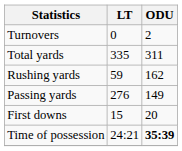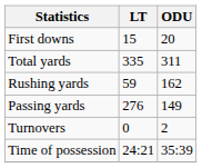 <table class="wikitable" style="float: left;">
 <tr>
 <th>Statistics</th>
 <th>LT</th>
 <th>ODU</th>
 </tr>
 <tr>
-<td>Turnovers</td>
-<td>0</td>
-<td>2</td>
+<td>First downs</td>
+<td>15</td>
+<td>20</td>
 </tr>
 <tr>
 <td>Total yards</td>
 <td>335</td>
 <td>311</td>
 </tr>
 <tr>
 <td>Rushing yards</td>
 <td>59</td>
 <td>162</td>
 </tr>
 <tr>
 <td>Passing yards</td>
 <td>276</td>
 <td>149</td>
 </tr>
 <tr>
-<td>First downs</td>
-<td>15</td>
-<td>20</td>
+<td>Turnovers</td>
+<td>0</td>
+<td>2</td>
 </tr>
 <tr>
 <td>Time of possession</td>
 <td>24:21</td>
-<td><strong>35:39</strong></td>
+<td>35:39</td>
 </tr>
 <tr>
 </tr>
 </table>
